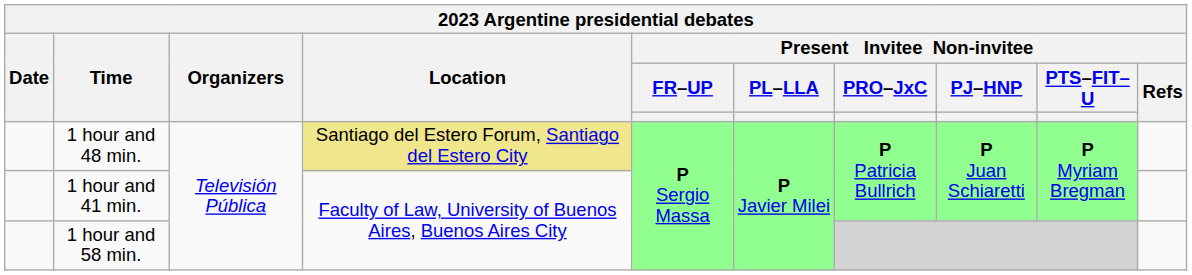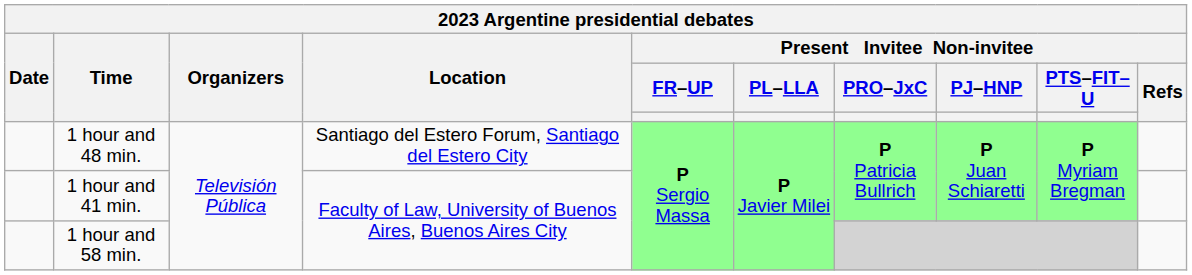 <table class="wikitable" style="font-size:85%; line-height:15px; text-align:center;">
 <tr>
 <th colspan="10">2023 Argentine presidential debates</th>
 </tr>
 <tr>
 <th rowspan="3">Date</th>
 <th rowspan="3">Time</th>
 <th rowspan="3">Organizers</th>
 <th rowspan="3">Location</th>
 <th colspan="6"> Present    Invitee  Non-invitee </th>
 </tr>
 <tr>
 <th scope="col" style="width:5em;"><a href='#'>FR</a>–<a href='#'>UP</a></th>
 <th scope="col" style="width:5em;"><a href='#'>PL</a>–<a href='#'>LLA</a></th>
 <th scope="col" style="width:5em;"><a href='#'>PRO</a>–<a href='#'>JxC</a></th>
 <th scope="col" style="width:5em;"><a href='#'>PJ</a>–<a href='#'>HNP</a></th>
 <th scope="col" style="width:5em;"><a href='#'>PTS</a>–<a href='#'>FIT–U</a></th>
 <th rowspan="2">Refs</th>
 </tr>
 <tr>
 <th style="background:"></th>
 <th style="background:"></th>
 <th style="background:"></th>
 <th style="background:"></th>
 <th style="background:"></th>
 </tr>
 <tr>
 <td></td>
 <td>1 hour and 48 min.</td>
 <td rowspan="3"><em><a href='#'>Televisión Pública</a></em></td>
-<td style="background: khaki;">Santiago del Estero Forum, <a href='#'>Santiago del Estero City</a></td>
+<td>Santiago del Estero Forum, <a href='#'>Santiago del Estero City</a></td>
 <td rowspan="3" style="background:#90FF90"><strong>P</strong><br><a href='#'>Sergio Massa</a></td>
 <td rowspan="3" style="background:#90FF90"><strong>P</strong><br><a href='#'>Javier Milei</a></td>
 <td rowspan="2" style="background:#90FF90"><strong>P</strong><br><a href='#'>Patricia Bullrich</a></td>
 <td rowspan="2" style="background:#90FF90"><strong>P</strong><br><a href='#'>Juan Schiaretti</a></td>
 <td rowspan="2" style="background:#90FF90"><strong>P</strong><br><a href='#'>Myriam Bregman</a></td>
 <td></td>
 </tr>
 <tr>
 <td></td>
 <td>1 hour and 41 min.</td>
 <td rowspan="2"><a href='#'>Faculty of Law, University of Buenos Aires</a>, <a href='#'>Buenos Aires City</a></td>
 <td></td>
 </tr>
 <tr>
 <td></td>
 <td>1 hour and 58 min.</td>
 <td colspan="3" style="background:lightgrey;"> </td>
 <td></td>
 </tr>
 </table>
